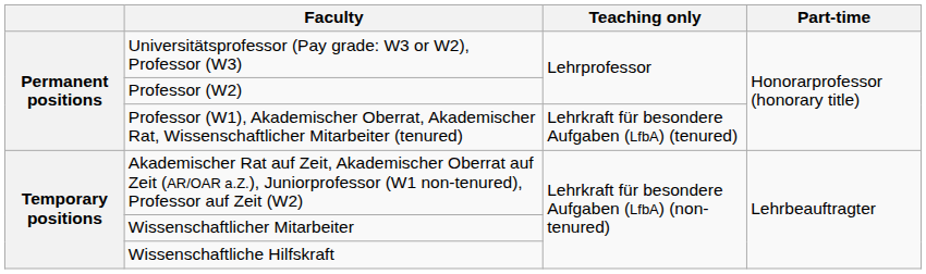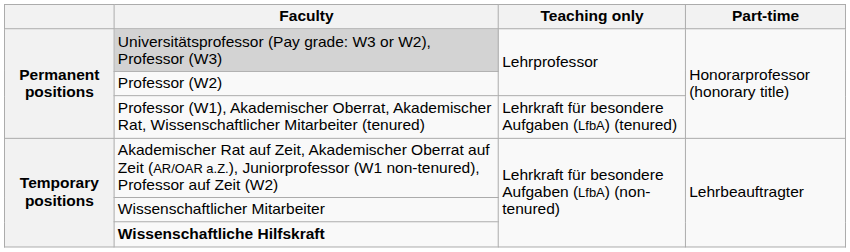 <table class="wikitable">
 <tr>
 <th></th>
 <th>Faculty</th>
 <th>Teaching only</th>
 <th>Part-time</th>
 </tr>
 <tr>
 <th rowspan=3>Permanent positions</th>
-<td>Universitätsprofessor (Pay grade: W3 or W2), Professor (W3)</td>
+<td style="background: lightgrey;">Universitätsprofessor (Pay grade: W3 or W2), Professor (W3)</td>
 <td rowspan=2>Lehrprofessor</td>
 <td rowspan=3>Honorarprofessor (honorary title)</td>
 </tr>
 <tr>
 <td>Professor (W2)</td>
 </tr>
 <tr>
 <td>Professor (W1), Akademischer Oberrat, Akademischer Rat, Wissenschaftlicher Mitarbeiter (tenured)</td>
 <td>Lehrkraft für besondere Aufgaben (<small>LfbA</small>) (tenured)</td>
 </tr>
 <tr>
 <th rowspan=3>Temporary positions</th>
 <td>Akademischer Rat auf Zeit, Akademischer Oberrat auf Zeit (<small>AR/OAR a.Z.</small>), Juniorprofessor (W1 non-tenured), Professor auf Zeit (W2)</td>
 <td rowspan="3">Lehrkraft für besondere Aufgaben (<small>LfbA</small>) (non-tenured)</td>
 <td rowspan=3 colspan=2>Lehrbeauftragter</td>
 </tr>
 <tr>
 <td>Wissenschaftlicher Mitarbeiter</td>
 </tr>
 <tr>
-<td>Wissenschaftliche Hilfskraft</td>
+<td><strong>Wissenschaftliche Hilfskraft</strong></td>
 </tr>
 </table>
